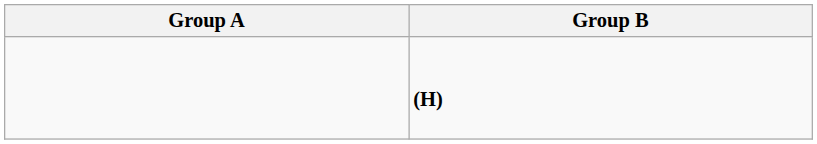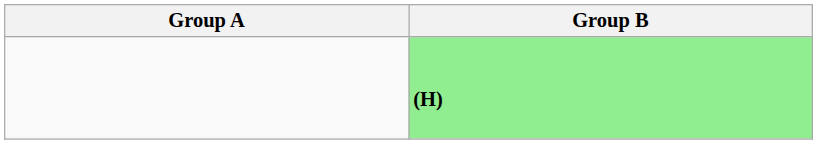 <table class=wikitable width=50%>
 <tr>
 <th width=25%>Group A</th>
 <th width=25%>Group B</th>
 </tr>
 <tr>
 <td><br><br><br><br></td>
-<td><br><br>  <strong>(H)</strong><br><br></td>
+<td style="background: lightgreen;"><br><br>  <strong>(H)</strong><br><br></td>
 </tr>
 </table>
